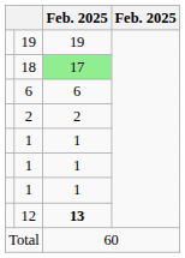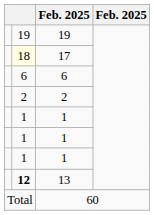 <table class="wikitable" style="font-size: 95%;">
 <tr>
 <th colspan="2"> </th>
 <th>Feb. 2025</th>
 <th>Feb. 2025</th>
 </tr>
 <tr style="text-align:center">
 <td></td>
 <td>19</td>
 <td>19</td>
 </tr>
 <tr style="text-align:center">
 <td></td>
-<td>18</td>
-<td style="background: lightgreen;">17</td>
+<td style="background: lightyellow;">18</td>
+<td>17</td>
 </tr>
 <tr style="text-align:center">
 <td></td>
 <td>6</td>
 <td>6</td>
 </tr>
 <tr style="text-align:center">
 <td></td>
 <td>2</td>
 <td>2</td>
 </tr>
 <tr style="text-align:center">
 <td></td>
 <td>1</td>
 <td>1</td>
 </tr>
 <tr style="text-align:center">
 <td></td>
 <td>1</td>
 <td>1</td>
 </tr>
 <tr style="text-align:center">
 <td></td>
 <td>1</td>
 <td>1</td>
 </tr>
 <tr style="text-align:center">
 <td></td>
-<td>12</td>
-<td><strong>13</strong></td>
+<td><strong>12</strong></td>
+<td>13</td>
 </tr>
 <tr style="text-align:center">
 <td colspan="2">Total</td>
 <td colspan="2">60</td>
 </tr>
 </table>
